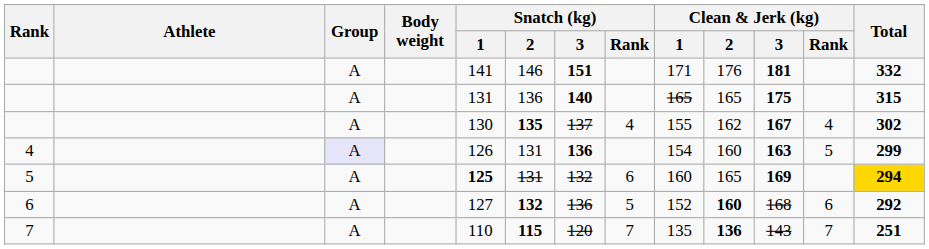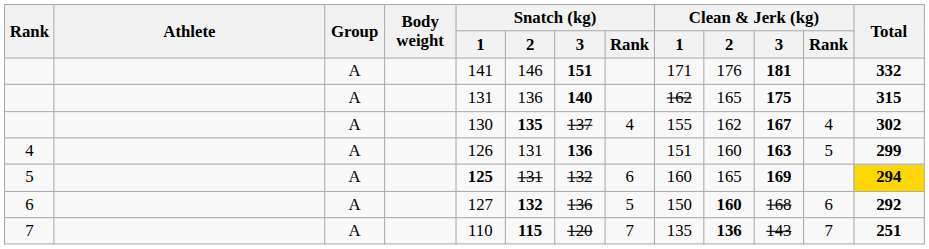 <table class = "wikitable" style="text-align:center;">
 <tr>
 <th rowspan=2 width=40>Rank</th>
 <th rowspan=2 width=250>Athlete</th>
 <th rowspan=2 width=50>Group</th>
 <th rowspan=2 width=60>Body weight</th>
 <th colspan=4>Snatch (kg)</th>
 <th colspan=4>Clean & Jerk (kg)</th>
 <th rowspan=2 width=60>Total</th>
 </tr>
 <tr>
 <th width=40>1</th>
 <th width=40>2</th>
 <th width=40>3</th>
 <th width=40>Rank</th>
 <th width=40>1</th>
 <th width=40>2</th>
 <th width=40>3</th>
 <th width=40>Rank</th>
 </tr>
 <tr>
 <td></td>
 <td align=left></td>
 <td>A</td>
 <td></td>
 <td>141</td>
 <td>146</td>
 <td><strong>151</strong></td>
 <td></td>
 <td>171</td>
 <td>176</td>
 <td><strong>181</strong></td>
 <td></td>
 <td><strong>332</strong></td>
 </tr>
 <tr>
 <td></td>
 <td align=left></td>
 <td>A</td>
 <td></td>
 <td>131</td>
 <td>136</td>
 <td><strong>140</strong></td>
 <td></td>
-<td><s>165</s></td>
+<td><s>162</s></td>
 <td>165</td>
 <td><strong>175</strong></td>
 <td></td>
 <td><strong>315</strong></td>
 </tr>
 <tr>
 <td></td>
 <td align=left></td>
 <td>A</td>
 <td></td>
 <td>130</td>
 <td><strong>135</strong></td>
 <td><s>137</s></td>
 <td>4</td>
 <td>155</td>
 <td>162</td>
 <td><strong>167</strong></td>
 <td>4</td>
 <td><strong>302</strong></td>
 </tr>
 <tr>
 <td>4</td>
 <td align=left></td>
-<td style="background: lavender;">A</td>
+<td>A</td>
 <td></td>
 <td>126</td>
 <td>131</td>
 <td><strong>136</strong></td>
 <td></td>
-<td>154</td>
+<td>151</td>
 <td>160</td>
 <td><strong>163</strong></td>
 <td>5</td>
 <td><strong>299</strong></td>
 </tr>
 <tr>
 <td>5</td>
 <td align=left></td>
 <td>A</td>
 <td></td>
 <td><strong>125</strong></td>
 <td><s>131</s></td>
 <td><s>132</s></td>
 <td>6</td>
 <td>160</td>
 <td>165</td>
 <td><strong>169</strong></td>
 <td></td>
 <td style="background: gold;"><strong>294</strong></td>
 </tr>
 <tr>
 <td>6</td>
 <td align=left></td>
 <td>A</td>
 <td></td>
 <td>127</td>
 <td><strong>132</strong></td>
 <td><s>136</s></td>
 <td>5</td>
-<td>152</td>
+<td>150</td>
 <td><strong>160</strong></td>
 <td><s>168</s></td>
 <td>6</td>
 <td><strong>292</strong></td>
 </tr>
 <tr>
 <td>7</td>
 <td align=left></td>
 <td>A</td>
 <td></td>
 <td>110</td>
 <td><strong>115</strong></td>
 <td><s>120</s></td>
 <td>7</td>
 <td>135</td>
 <td><strong>136</strong></td>
 <td><s>143</s></td>
 <td>7</td>
 <td><strong>251</strong></td>
 </tr>
 </table>
